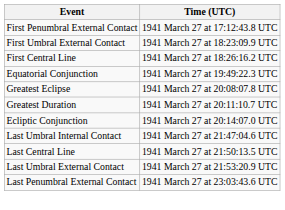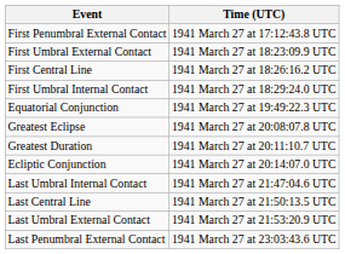 <table class="wikitable">
 <tr>
 <th>Event</th>
 <th>Time (UTC)</th>
 </tr>
 <tr>
 <td>First Penumbral External Contact</td>
 <td>1941 March 27 at 17:12:43.8 UTC</td>
 </tr>
 <tr>
 <td>First Umbral External Contact</td>
 <td>1941 March 27 at 18:23:09.9 UTC</td>
 </tr>
 <tr>
 <td>First Central Line</td>
 <td>1941 March 27 at 18:26:16.2 UTC</td>
+</tr>
+<tr>
+<td>First Umbral Internal Contact</td>
+<td>1941 March 27 at 18:29:24.0 UTC</td>
 </tr>
 <tr>
 <td>Equatorial Conjunction</td>
 <td>1941 March 27 at 19:49:22.3 UTC</td>
 </tr>
 <tr>
 <td>Greatest Eclipse</td>
 <td>1941 March 27 at 20:08:07.8 UTC</td>
 </tr>
 <tr>
 <td>Greatest Duration</td>
 <td>1941 March 27 at 20:11:10.7 UTC</td>
 </tr>
 <tr>
 <td>Ecliptic Conjunction</td>
 <td>1941 March 27 at 20:14:07.0 UTC</td>
 </tr>
 <tr>
 <td>Last Umbral Internal Contact</td>
 <td>1941 March 27 at 21:47:04.6 UTC</td>
 </tr>
 <tr>
 <td>Last Central Line</td>
 <td>1941 March 27 at 21:50:13.5 UTC</td>
 </tr>
 <tr>
 <td>Last Umbral External Contact</td>
 <td>1941 March 27 at 21:53:20.9 UTC</td>
 </tr>
 <tr>
 <td>Last Penumbral External Contact</td>
 <td>1941 March 27 at 23:03:43.6 UTC</td>
 </tr>
 </table>
